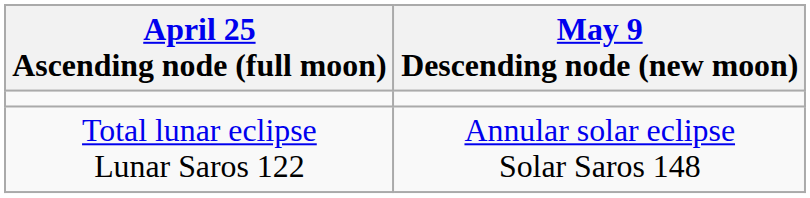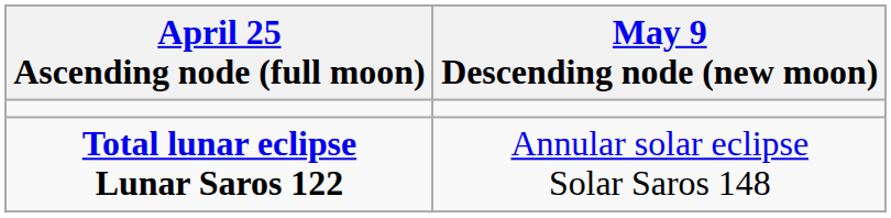 <table class="wikitable">
 <tr>
 <th><a href='#'>April 25</a><br>Ascending node (full moon)<br></th>
 <th><a href='#'>May 9</a><br>Descending node (new moon)<br></th>
 </tr>
 <tr>
 <td></td>
 <td></td>
 </tr>
 <tr align=center>
-<td><a href='#'>Total lunar eclipse</a><br>Lunar Saros 122</td>
+<td><strong><a href='#'>Total lunar eclipse</a><br>Lunar Saros 122</strong></td>
 <td><a href='#'>Annular solar eclipse</a><br>Solar Saros 148</td>
 </tr>
 </table>
